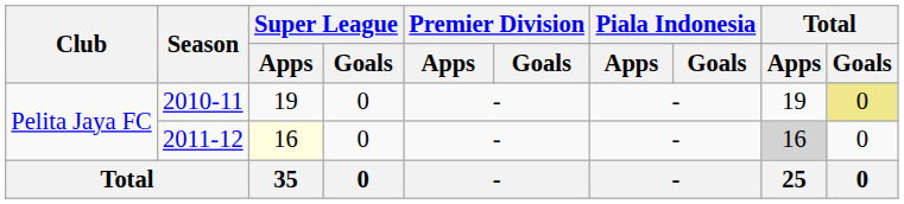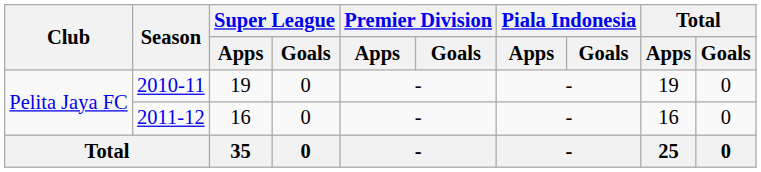 <table class="wikitable" style="text-align:center;">
 <tr>
 <th rowspan="2">Club</th>
 <th rowspan="2">Season</th>
 <th colspan="2"><a href='#'>Super League</a></th>
 <th colspan="2"><a href='#'>Premier Division</a></th>
 <th colspan="2"><a href='#'>Piala Indonesia</a></th>
 <th colspan="2">Total</th>
 </tr>
 <tr>
 <th>Apps</th>
 <th>Goals</th>
 <th>Apps</th>
 <th>Goals</th>
 <th>Apps</th>
 <th>Goals</th>
 <th>Apps</th>
 <th>Goals</th>
 </tr>
 <tr>
 <td rowspan="2"><a href='#'>Pelita Jaya FC</a></td>
 <td><a href='#'>2010-11</a></td>
 <td>19</td>
 <td>0</td>
 <td colspan="2">-</td>
 <td colspan="2">-</td>
 <td>19</td>
-<td style="background: khaki;">0</td>
+<td>0</td>
 </tr>
 <tr>
 <td><a href='#'>2011-12</a></td>
-<td style="background: lightyellow;">16</td>
+<td>16</td>
 <td>0</td>
 <td colspan="2">-</td>
 <td colspan="2">-</td>
-<td style="background: lightgrey;">16</td>
+<td>16</td>
 <td>0</td>
 </tr>
 <tr>
 <th colspan="2">Total</th>
 <th>35</th>
 <th>0</th>
 <th colspan="2">-</th>
 <th colspan="2">-</th>
 <th>25</th>
 <th>0</th>
 </tr>
 </table>
